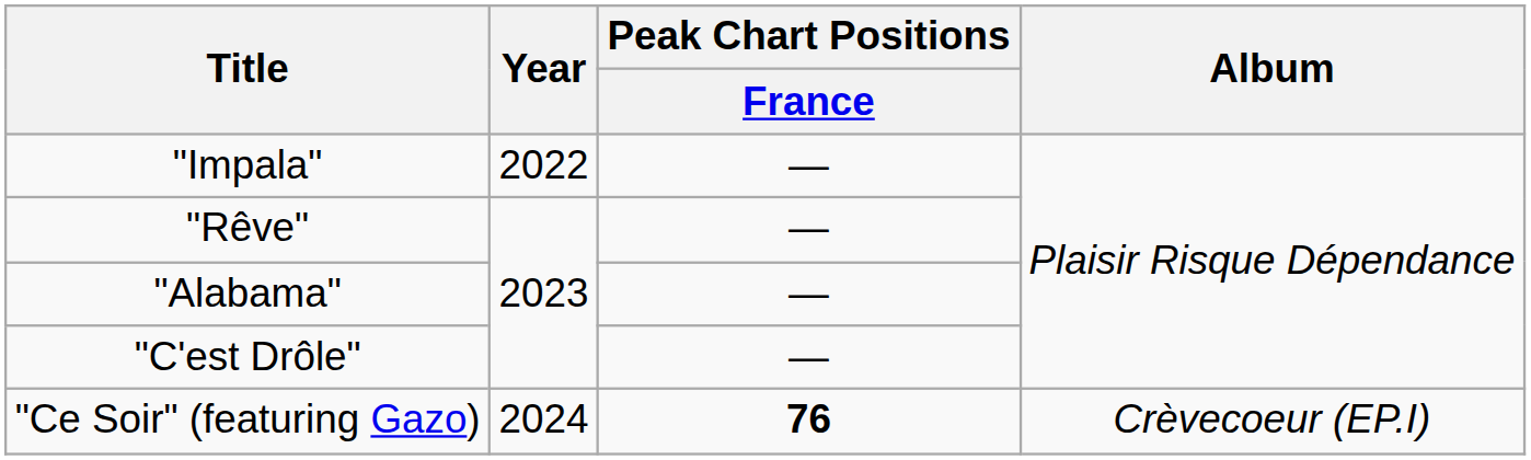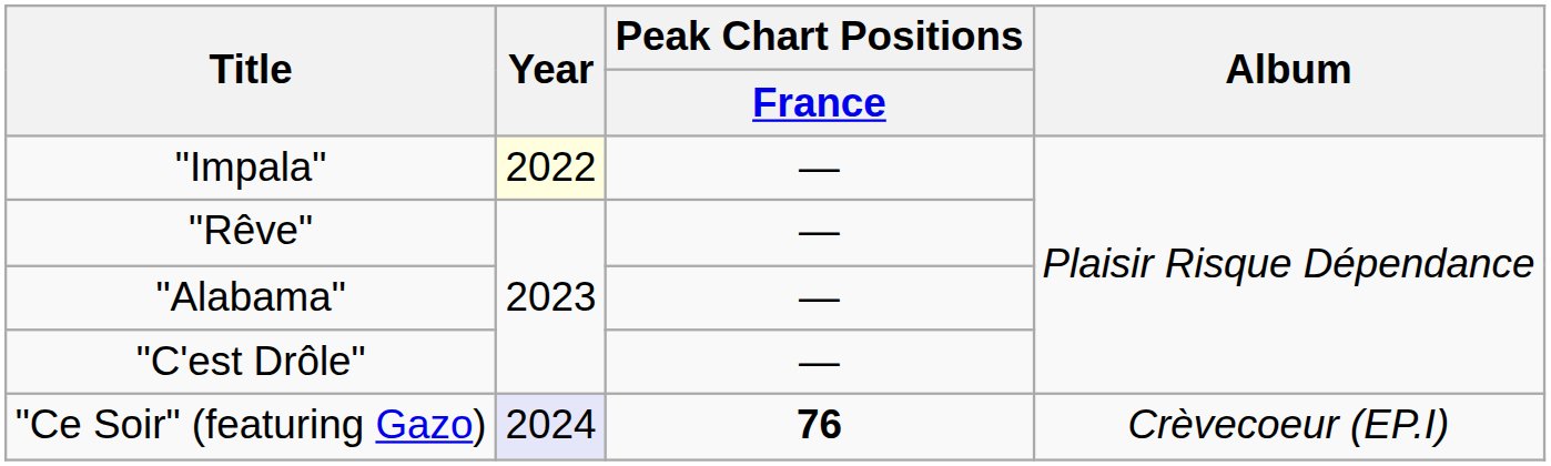 <table class="wikitable plainrowheaders" style="text-align:center;">
 <tr>
 <th rowspan="2">Title</th>
 <th rowspan="2">Year</th>
 <th>Peak Chart Positions</th>
 <th rowspan="2">Album</th>
 </tr>
 <tr>
 <th><a href='#'>France</a></th>
 </tr>
 <tr>
 <td>"Impala"</td>
-<td>2022</td>
+<td style="background: lightyellow;">2022</td>
 <td>—</td>
 <td rowspan="4"><em>Plaisir Risque Dépendance</em></td>
 </tr>
 <tr>
 <td>"Rêve"</td>
 <td rowspan="3">2023</td>
 <td>—</td>
 </tr>
 <tr>
 <td>"Alabama"</td>
 <td>—</td>
 </tr>
 <tr>
 <td>"C'est Drôle"</td>
 <td>—</td>
 </tr>
 <tr>
 <td>"Ce Soir" (featuring <a href='#'>Gazo</a>)</td>
-<td>2024</td>
+<td style="background: lavender;">2024</td>
 <td><strong>76</strong></td>
 <td><em>Crèvecoeur (EP.I)</em></td>
 </tr>
 </table>
